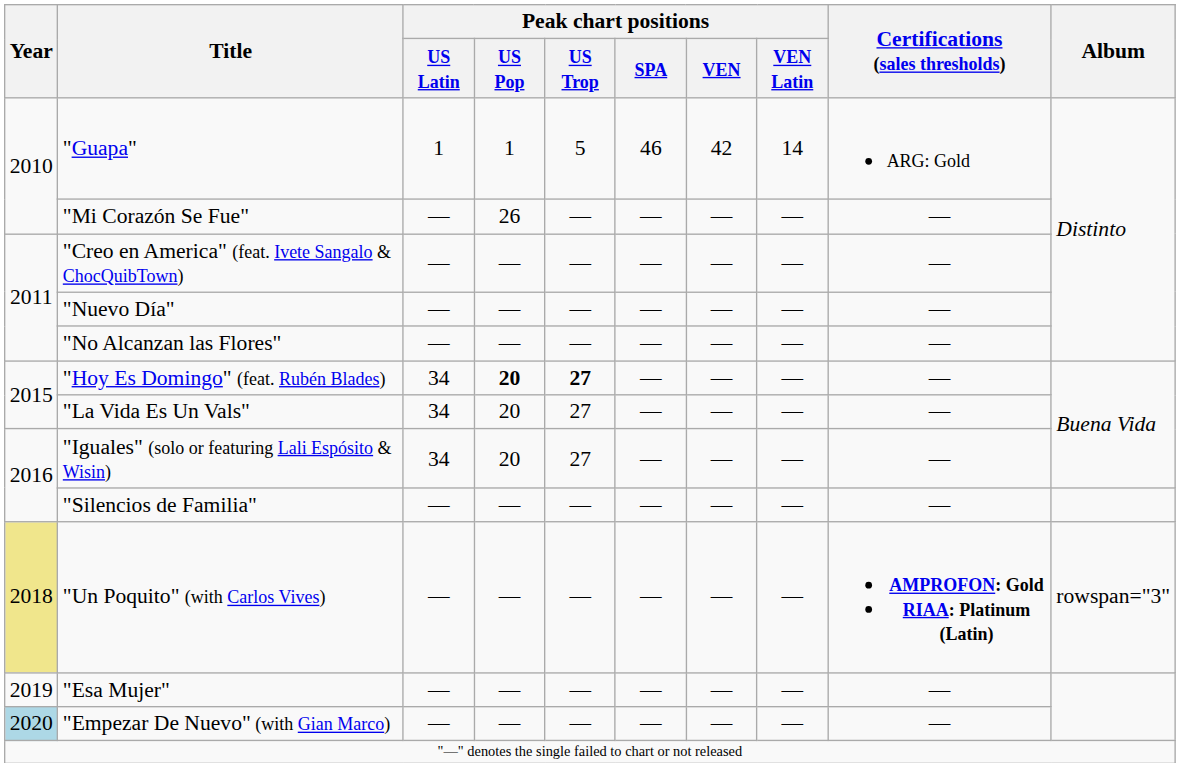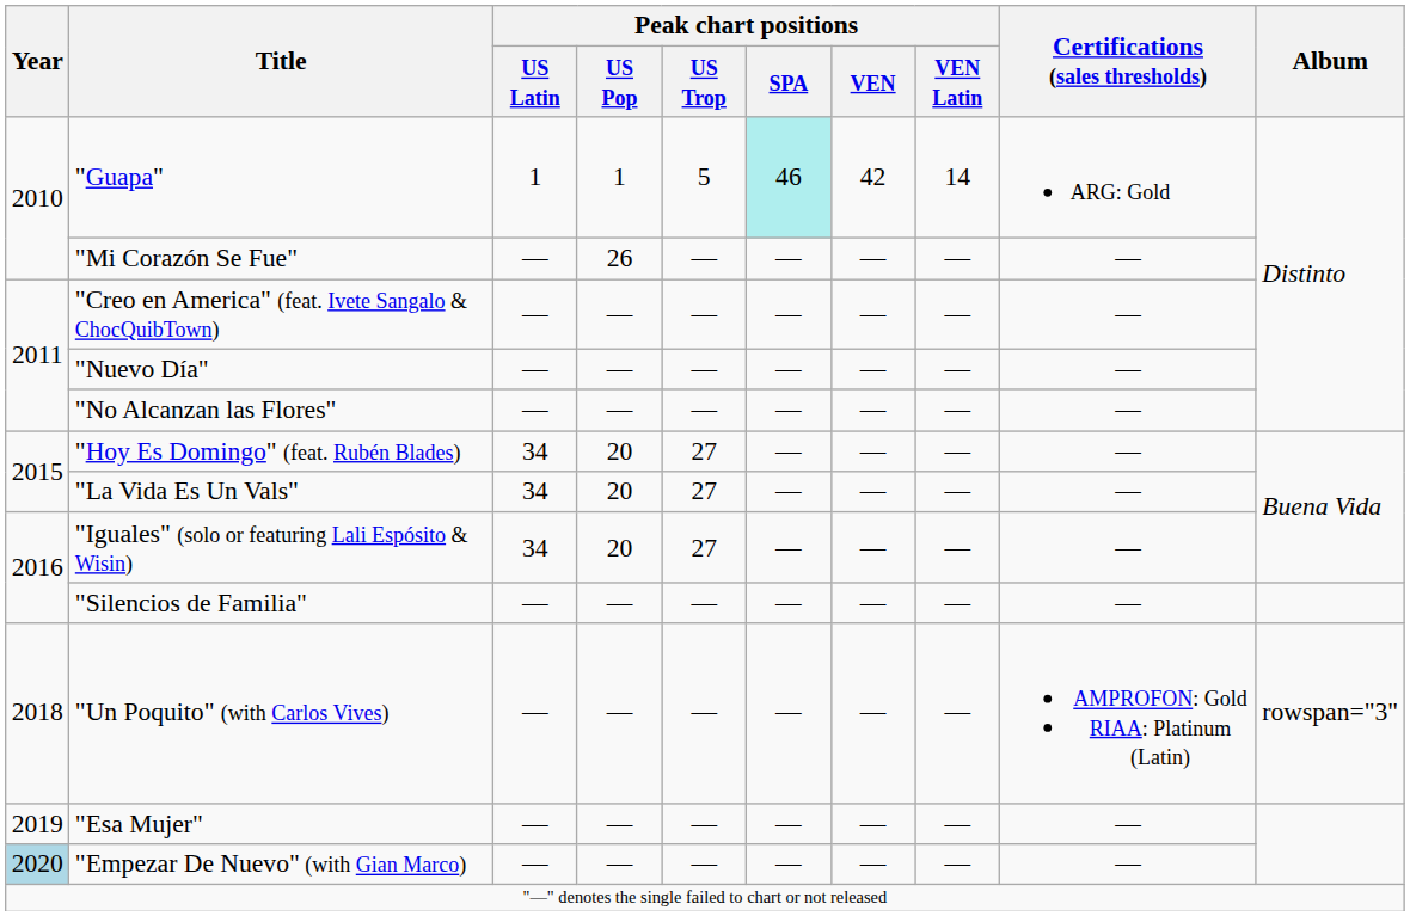 <table class="wikitable">
 <tr>
 <th rowspan="2">Year</th>
 <th rowspan="2">Title</th>
 <th colspan="6">Peak chart positions</th>
 <th rowspan="2"><a href='#'>Certifications</a><br><small>(<a href='#'>sales thresholds</a>)</small></th>
 <th rowspan="2">Album</th>
 </tr>
 <tr>
 <th style="width:45px;"><small><a href='#'>US<br>Latin</a></small><br></th>
 <th style="width:45px;"><small><a href='#'>US<br>Pop</a></small><br></th>
 <th style="width:45px;"><small><a href='#'>US<br>Trop</a></small><br></th>
 <th style="width:45px;"><small><a href='#'>SPA</a></small><br></th>
 <th style="width:45px;"><small><a href='#'>VEN</a></small><br></th>
 <th style="width:45px;"><small><a href='#'>VEN<br>Latin</a></small><br></th>
 </tr>
 <tr>
 <td style="text-align:center;" rowspan="2">2010</td>
 <td align="left">"<a href='#'>Guapa</a>"</td>
 <td style="text-align:center;">1</td>
 <td style="text-align:center;">1</td>
 <td style="text-align:center;">5</td>
-<td style="text-align:center;">46</td>
+<td style="background: paleturquoise; text-align:center;">46</td>
 <td style="text-align:center;">42</td>
 <td style="text-align:center;">14</td>
 <td><br><ul><li><small>ARG: Gold</small></li></ul></td>
 <td style="text-align:left;" rowspan="5" style="text-align:center;"><em>Distinto</em></td>
 </tr>
 <tr>
 <td align="left">"Mi Corazón Se Fue"</td>
 <td style="text-align:center;">—</td>
 <td style="text-align:center;">26</td>
 <td style="text-align:center;">—</td>
 <td style="text-align:center;">—</td>
 <td style="text-align:center;">—</td>
 <td style="text-align:center;">—</td>
 <td style="text-align:center;">—</td>
 </tr>
 <tr>
 <td style="text-align:center;" rowspan="3">2011</td>
 <td align="left">"Creo en America" <small>(feat. <a href='#'>Ivete Sangalo</a> & <a href='#'>ChocQuibTown</a>)</small></td>
 <td style="text-align:center;">—</td>
 <td style="text-align:center;">—</td>
 <td style="text-align:center;">—</td>
 <td style="text-align:center;">—</td>
 <td style="text-align:center;">—</td>
 <td style="text-align:center;">—</td>
 <td style="text-align:center;">—</td>
 </tr>
 <tr>
 <td align="left">"Nuevo Día"</td>
 <td style="text-align:center;">—</td>
 <td style="text-align:center;">—</td>
 <td style="text-align:center;">—</td>
 <td style="text-align:center;">—</td>
 <td style="text-align:center;">—</td>
 <td style="text-align:center;">—</td>
 <td style="text-align:center;">—</td>
 </tr>
 <tr>
 <td align="left">"No Alcanzan las Flores"</td>
 <td style="text-align:center;">—</td>
 <td style="text-align:center;">—</td>
 <td style="text-align:center;">—</td>
 <td style="text-align:center;">—</td>
 <td style="text-align:center;">—</td>
 <td style="text-align:center;">—</td>
 <td style="text-align:center;">—</td>
 </tr>
 <tr>
 <td style="text-align:center;" rowspan="2">2015</td>
 <td align="left">"<a href='#'>Hoy Es Domingo</a>" <small>(feat. <a href='#'>Rubén Blades</a>)</small></td>
 <td style="text-align:center;">34</td>
-<td style="text-align:center;"><strong>20</strong></td>
-<td style="text-align:center;"><strong>27</strong></td>
+<td style="text-align:center;">20</td>
+<td style="text-align:center;">27</td>
 <td style="text-align:center;">—</td>
 <td style="text-align:center;">—</td>
 <td style="text-align:center;">—</td>
 <td style="text-align:center;">—</td>
 <td style="text-align:left;" rowspan="3" style="text-align:center;"><em>Buena Vida</em></td>
 </tr>
 <tr>
 <td align="left">"La Vida Es Un Vals"</td>
 <td style="text-align:center;">34</td>
 <td style="text-align:center;">20</td>
 <td style="text-align:center;">27</td>
 <td style="text-align:center;">—</td>
 <td style="text-align:center;">—</td>
 <td style="text-align:center;">—</td>
 <td style="text-align:center;">—</td>
 </tr>
 <tr>
 <td style="text-align:center;" rowspan="2">2016</td>
 <td align="left">"Iguales" <small> (solo or featuring <a href='#'>Lali Espósito</a> & <a href='#'>Wisin</a>)</small></td>
 <td style="text-align:center;">34</td>
 <td style="text-align:center;">20</td>
 <td style="text-align:center;">27</td>
 <td style="text-align:center;">—</td>
 <td style="text-align:center;">—</td>
 <td style="text-align:center;">—</td>
 <td style="text-align:center;">—</td>
 </tr>
 <tr>
 <td align="left">"Silencios de Familia"</td>
 <td style="text-align:center;">—</td>
 <td style="text-align:center;">—</td>
 <td style="text-align:center;">—</td>
 <td style="text-align:center;">—</td>
 <td style="text-align:center;">—</td>
 <td style="text-align:center;">—</td>
 <td style="text-align:center;">—</td>
 <td></td>
 </tr>
 <tr>
-<td style="background: khaki;">2018</td>
+<td>2018</td>
 <td align="left">"Un Poquito" <small> (with <a href='#'>Carlos Vives</a>)</small></td>
 <td style="text-align:center;">—</td>
 <td style="text-align:center;">—</td>
 <td style="text-align:center;">—</td>
 <td style="text-align:center;">—</td>
 <td style="text-align:center;">—</td>
 <td style="text-align:center;">—</td>
-<td style="text-align:center;"><strong><br><ul><li><small><a href='#'>AMPROFON</a>: Gold</small></li><li><small><a href='#'>RIAA</a>: Platinum (Latin)</small></li></ul></strong></td>
+<td style="text-align:center;"><br><ul><li><small><a href='#'>AMPROFON</a>: Gold</small></li><li><small><a href='#'>RIAA</a>: Platinum (Latin)</small></li></ul></td>
 <td>rowspan="3" </td>
 </tr>
 <tr>
 <td>2019</td>
 <td align="left">"Esa Mujer"</td>
 <td style="text-align:center;">—</td>
 <td style="text-align:center;">—</td>
 <td style="text-align:center;">—</td>
 <td style="text-align:center;">—</td>
 <td style="text-align:center;">—</td>
 <td style="text-align:center;">—</td>
 <td style="text-align:center;">—</td>
 </tr>
 <tr>
 <td style="background: lightblue;">2020</td>
 <td align="left">"Empezar De Nuevo"<small> (with <a href='#'>Gian Marco</a>)</small></td>
 <td style="text-align:center;">—</td>
 <td style="text-align:center;">—</td>
 <td style="text-align:center;">—</td>
 <td style="text-align:center;">—</td>
 <td style="text-align:center;">—</td>
 <td style="text-align:center;">—</td>
 <td style="text-align:center;">—</td>
 </tr>
 <tr>
 <td colspan="40" style="text-align:center; font-size:8pt;">"—" denotes the single failed to chart or not released</td>
 </tr>
 </table>
